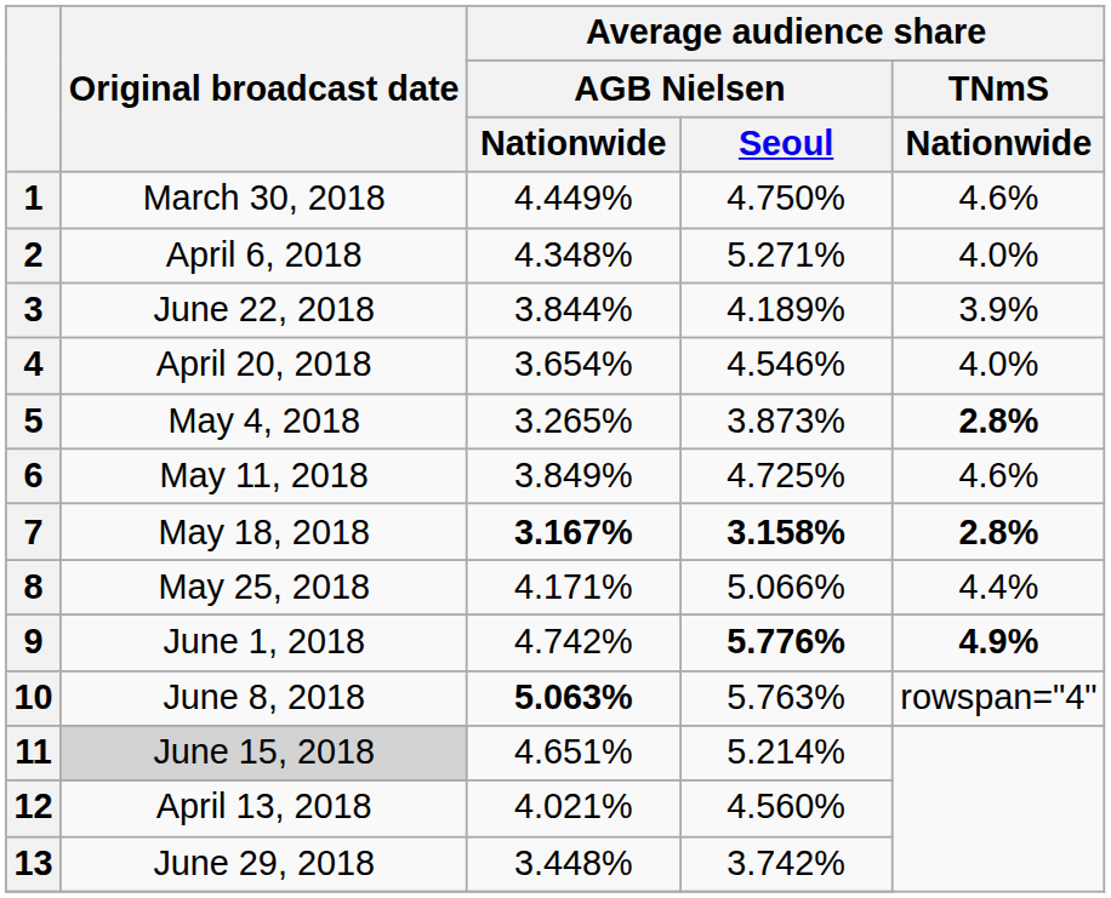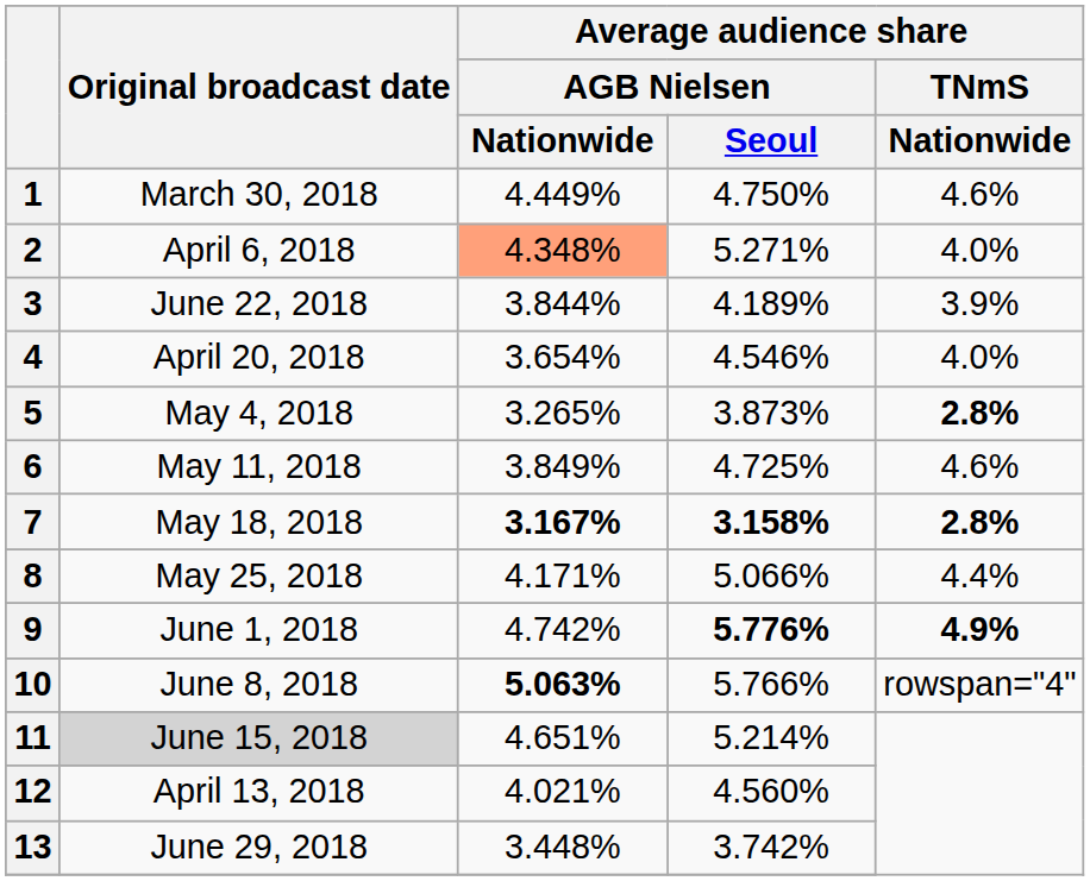 <table class="wikitable" style="text-align:center">
 <tr>
 <th rowspan="3"></th>
 <th rowspan="3">Original broadcast date</th>
 <th colspan="3">Average audience share</th>
 </tr>
 <tr>
 <th colspan="2">AGB Nielsen</th>
 <th colspan="1">TNmS</th>
 </tr>
 <tr>
 <th width=90>Nationwide</th>
 <th width=90><a href='#'>Seoul</a></th>
 <th width=90>Nationwide</th>
 </tr>
 <tr>
 <th>1</th>
 <td>March 30, 2018</td>
 <td>4.449%</td>
 <td>4.750%</td>
 <td>4.6%</td>
 </tr>
 <tr>
 <th>2</th>
 <td>April 6, 2018</td>
-<td>4.348%</td>
+<td style="background: lightsalmon;">4.348%</td>
 <td>5.271%</td>
 <td>4.0%</td>
 </tr>
 <tr>
 <th>3</th>
 <td>June 22, 2018</td>
 <td>3.844%</td>
 <td>4.189%</td>
 <td>3.9%</td>
 </tr>
 <tr>
 <th>4</th>
 <td>April 20, 2018</td>
 <td>3.654%</td>
 <td>4.546%</td>
 <td>4.0%</td>
 </tr>
 <tr>
 <th>5</th>
 <td>May 4, 2018</td>
 <td>3.265%</td>
 <td>3.873%</td>
 <td><span><strong>2.8%</strong></span></td>
 </tr>
 <tr>
 <th>6</th>
 <td>May 11, 2018</td>
 <td>3.849%</td>
 <td>4.725%</td>
 <td>4.6%</td>
 </tr>
 <tr>
 <th>7</th>
 <td>May 18, 2018</td>
 <td><span><strong>3.167%</strong></span></td>
 <td><span><strong>3.158%</strong></span></td>
 <td><span><strong>2.8%</strong></span></td>
 </tr>
 <tr>
 <th>8</th>
 <td>May 25, 2018</td>
 <td>4.171%</td>
 <td>5.066%</td>
 <td>4.4%</td>
 </tr>
 <tr>
 <th>9</th>
 <td>June 1, 2018</td>
 <td>4.742%</td>
 <td><span><strong>5.776%</strong></span></td>
 <td><span><strong>4.9%</strong></span></td>
 </tr>
 <tr>
 <th>10</th>
 <td>June 8, 2018</td>
 <td><span><strong>5.063%</strong></span></td>
-<td>5.763%</td>
+<td>5.766%</td>
 <td>rowspan="4" </td>
 </tr>
 <tr>
 <th>11</th>
 <td style="background: lightgrey;">June 15, 2018</td>
 <td>4.651%</td>
 <td>5.214%</td>
 </tr>
 <tr>
 <th>12</th>
 <td>April 13, 2018</td>
 <td>4.021%</td>
 <td>4.560%</td>
 </tr>
 <tr>
 <th>13</th>
 <td>June 29, 2018</td>
 <td>3.448%</td>
 <td>3.742%</td>
 </tr>
 <tr>
 </tr>
 </table>
